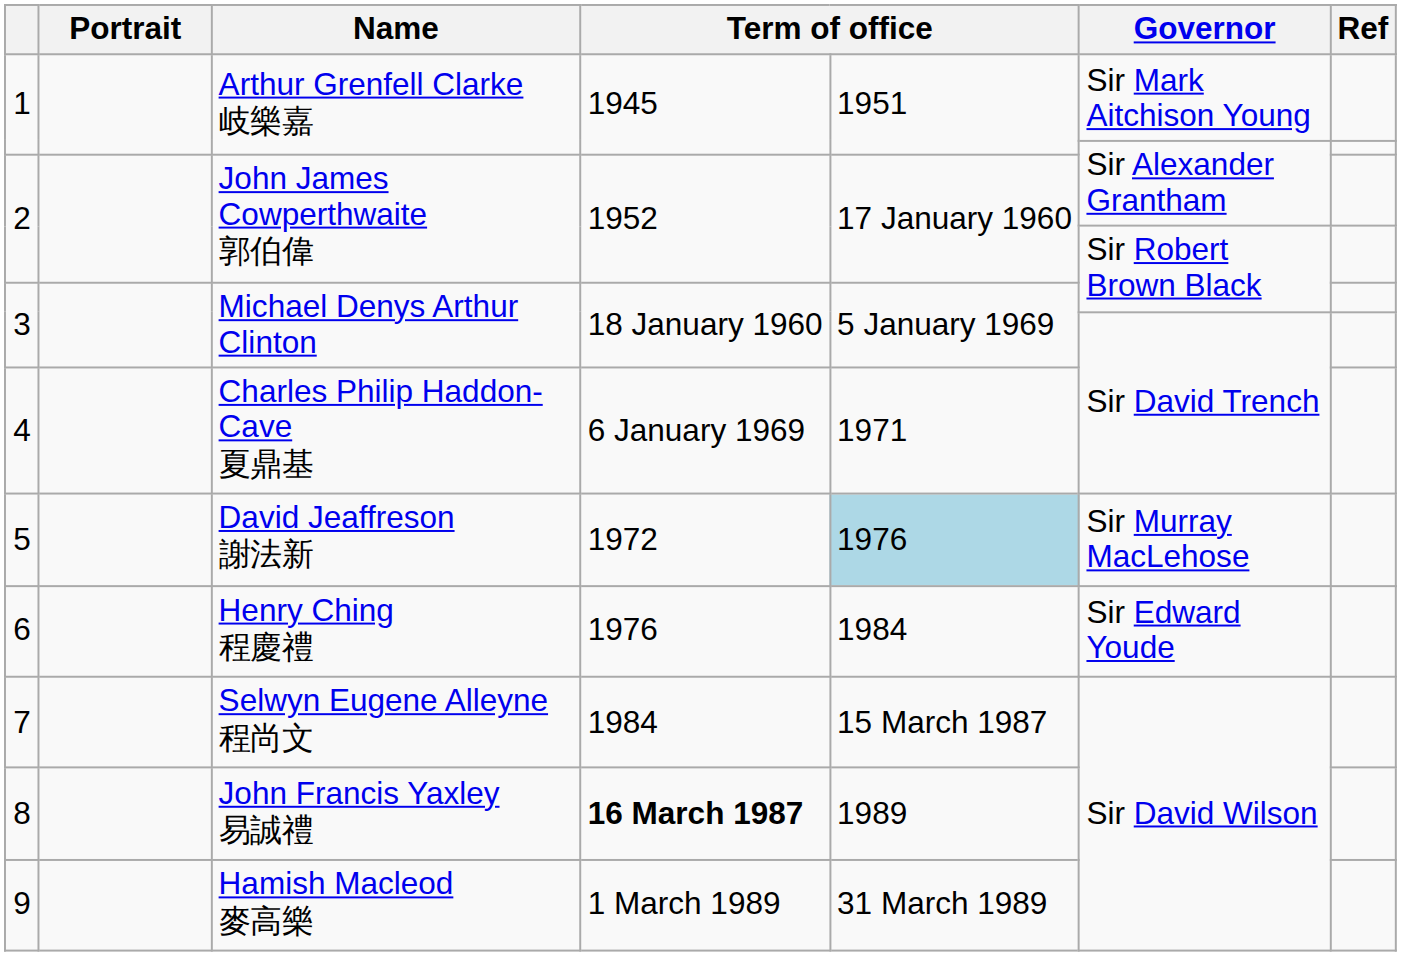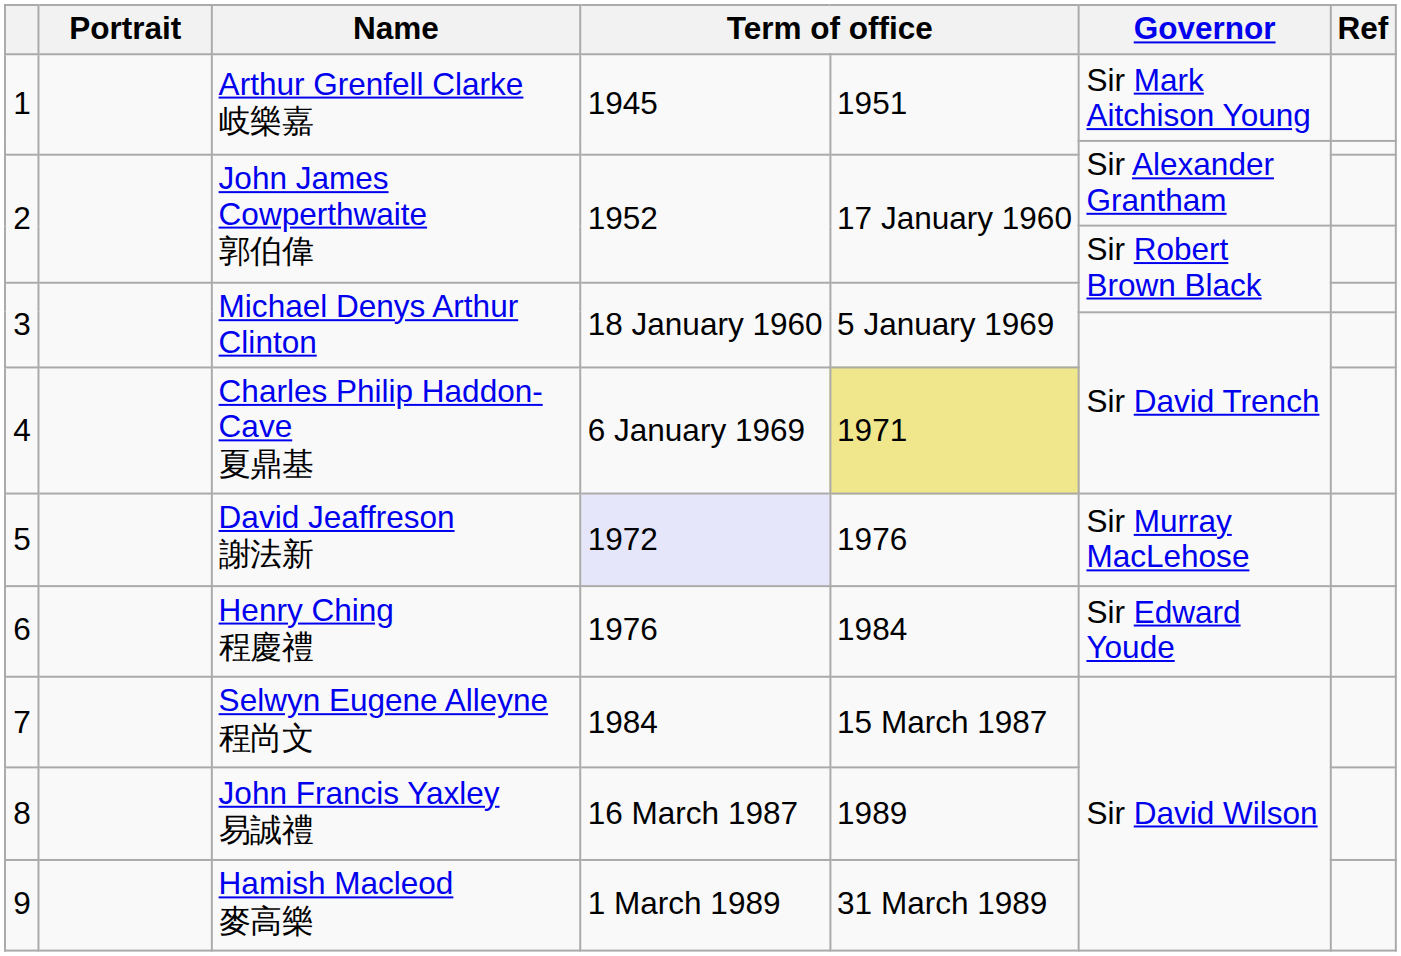 <table class="wikitable"  style="text-align:left">
 <tr>
 <th width=10px></th>
 <th width=80px>Portrait</th>
 <th width=180px>Name</th>
 <th width=180px colspan=2>Term of office</th>
 <th width=120px><a href='#'>Governor</a></th>
 <th>Ref</th>
 </tr>
 <tr>
 <td rowspan=2 align=center>1</td>
 <td rowspan=2></td>
 <td rowspan=2><a href='#'>Arthur Grenfell Clarke</a><br>岐樂嘉</td>
 <td rowspan=2>1945</td>
 <td rowspan=2>1951</td>
 <td>Sir <a href='#'>Mark Aitchison Young</a></td>
 <td></td>
 </tr>
 <tr>
 <td rowspan=2>Sir <a href='#'>Alexander Grantham</a></td>
 <td></td>
 </tr>
 <tr>
 <td rowspan=2 align=center>2</td>
 <td rowspan=2></td>
 <td rowspan=2><a href='#'>John James Cowperthwaite</a><br>郭伯偉</td>
 <td rowspan=2>1952</td>
 <td rowspan=2>17 January 1960</td>
 <td></td>
 </tr>
 <tr>
 <td rowspan=2>Sir <a href='#'>Robert Brown Black</a></td>
 <td></td>
 </tr>
 <tr>
 <td rowspan=2 align=center>3</td>
 <td rowspan=2></td>
 <td rowspan=2><a href='#'>Michael Denys Arthur Clinton</a><br></td>
 <td rowspan=2>18 January 1960</td>
 <td rowspan=2>5 January 1969</td>
 <td></td>
 </tr>
 <tr>
 <td rowspan=2>Sir <a href='#'>David Trench</a></td>
 <td></td>
 </tr>
 <tr>
 <td align=center>4</td>
 <td></td>
 <td><a href='#'>Charles Philip Haddon-Cave</a><br>夏鼎基</td>
 <td>6 January 1969</td>
-<td>1971</td>
+<td style="background: khaki;">1971</td>
 <td></td>
 </tr>
 <tr>
 <td align=center>5</td>
 <td></td>
 <td><a href='#'>David Jeaffreson</a><br>謝法新</td>
-<td>1972</td>
-<td style="background: lightblue;">1976</td>
+<td style="background: lavender;">1972</td>
+<td>1976</td>
 <td rowspan=2>Sir <a href='#'>Murray MacLehose</a></td>
 <td></td>
 </tr>
 <tr>
 <td rowspan=2 align=center>6</td>
 <td rowspan=2></td>
 <td rowspan=2><a href='#'>Henry Ching</a><br>程慶禮</td>
 <td rowspan=2>1976</td>
 <td rowspan=2>1984</td>
 <td rowspan=2></td>
 </tr>
 <tr>
 <td rowspan=2>Sir <a href='#'>Edward Youde</a></td>
 </tr>
 <tr>
 <td rowspan=2 align=center>7</td>
 <td rowspan=2></td>
 <td rowspan=2><a href='#'>Selwyn Eugene Alleyne</a><br>程尚文</td>
 <td rowspan=2>1984</td>
 <td rowspan=2>15 March 1987</td>
 <td rowspan=2> </td>
 </tr>
 <tr>
 <td rowspan=3>Sir <a href='#'>David Wilson</a></td>
 </tr>
 <tr>
 <td align=center>8</td>
 <td></td>
 <td><a href='#'>John Francis Yaxley</a><br>易誠禮</td>
-<td><strong>16 March 1987</strong></td>
+<td>16 March 1987</td>
 <td>1989</td>
 <td></td>
 </tr>
 <tr>
 <td align=center>9</td>
 <td></td>
 <td><a href='#'>Hamish Macleod</a><br>麥高樂</td>
 <td>1 March 1989</td>
 <td>31 March 1989</td>
 <td></td>
 </tr>
 </table>
